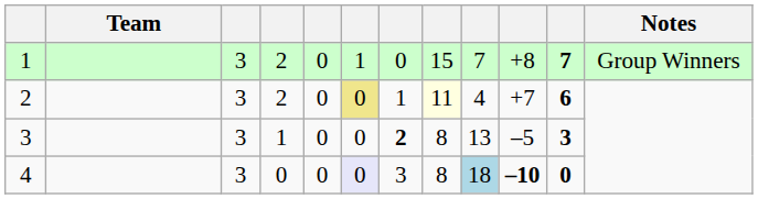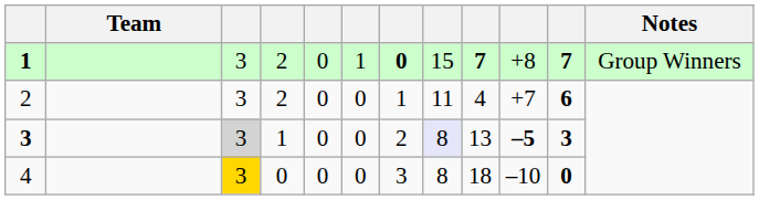 <table class="wikitable" style="text-align: center; font-size: 97%;">
 <tr>
 <th width="20"></th>
 <th width="110">Team</th>
 <th width="18"></th>
 <th width="22"></th>
 <th width="18"></th>
 <th width="18"></th>
 <th width="22"></th>
 <th width="18"></th>
 <th width="18"></th>
 <th width="25"></th>
 <th width="18"></th>
 <th width="105">Notes</th>
 </tr>
 <tr style="background-color: #ccffcc;">
-<td>1</td>
+<td><strong>1</strong></td>
 <td align=left></td>
 <td>3</td>
 <td>2</td>
 <td>0</td>
 <td>1</td>
-<td>0</td>
+<td><strong>0</strong></td>
 <td>15</td>
-<td>7</td>
+<td><strong>7</strong></td>
 <td>+8</td>
 <td><strong>7</strong></td>
 <td>Group Winners</td>
 </tr>
 <tr>
 <td>2</td>
 <td align=left></td>
 <td>3</td>
 <td>2</td>
 <td>0</td>
-<td style="background: khaki;">0</td>
+<td>0</td>
 <td>1</td>
-<td style="background: lightyellow;">11</td>
+<td>11</td>
 <td>4</td>
 <td>+7</td>
 <td><strong>6</strong></td>
 <td rowspan="3"></td>
 </tr>
 <tr>
-<td>3</td>
+<td><strong>3</strong></td>
 <td align=left></td>
-<td>3</td>
+<td style="background: lightgrey;">3</td>
 <td>1</td>
 <td>0</td>
 <td>0</td>
-<td><strong>2</strong></td>
-<td>8</td>
+<td>2</td>
+<td style="background: lavender;">8</td>
 <td>13</td>
-<td>–5</td>
+<td><strong>–5</strong></td>
 <td><strong>3</strong></td>
 </tr>
 <tr>
 <td>4</td>
 <td align=left></td>
-<td>3</td>
+<td style="background: gold;">3</td>
 <td>0</td>
 <td>0</td>
-<td style="background: lavender;">0</td>
+<td>0</td>
 <td>3</td>
 <td>8</td>
-<td style="background: lightblue;">18</td>
-<td><strong>–10</strong></td>
+<td>18</td>
+<td>–10</td>
 <td><strong>0</strong></td>
 </tr>
 </table>
